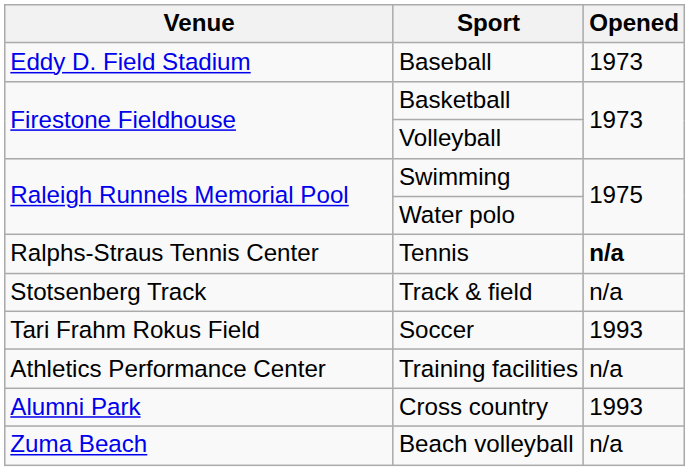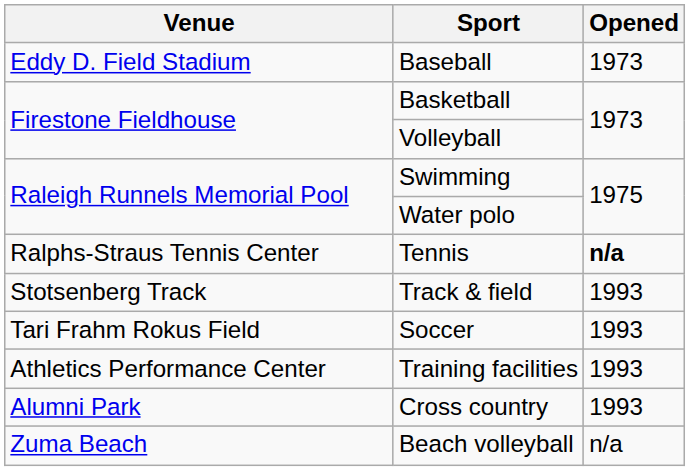 <table class="wikitable sortable"; style= "text-align: ">
 <tr>
 <th width=250px>Venue</th>
 <th width=px>Sport</th>
 <th width=px>Opened</th>
 </tr>
 <tr>
 <td><a href='#'>Eddy D. Field Stadium</a></td>
 <td>Baseball</td>
 <td>1973</td>
 </tr>
 <tr>
 <td rowspan=2><a href='#'>Firestone Fieldhouse</a></td>
 <td>Basketball</td>
 <td rowspan=2>1973</td>
 </tr>
 <tr>
 <td>Volleyball</td>
 </tr>
 <tr>
 <td rowspan=2><a href='#'>Raleigh Runnels Memorial Pool</a></td>
 <td>Swimming</td>
 <td rowspan=2>1975</td>
 </tr>
 <tr>
 <td>Water polo</td>
 </tr>
 <tr>
 <td>Ralphs-Straus Tennis Center</td>
 <td>Tennis</td>
 <td><strong>n/a</strong></td>
 </tr>
 <tr>
 <td>Stotsenberg Track</td>
 <td>Track & field</td>
-<td>n/a</td>
+<td>1993</td>
 </tr>
 <tr>
 <td>Tari Frahm Rokus Field</td>
 <td>Soccer</td>
 <td>1993</td>
 </tr>
 <tr>
 <td>Athletics Performance Center</td>
 <td>Training facilities</td>
-<td>n/a</td>
+<td>1993</td>
 </tr>
 <tr>
 <td><a href='#'>Alumni Park</a></td>
 <td>Cross country</td>
 <td>1993</td>
 </tr>
 <tr>
 <td><a href='#'>Zuma Beach</a></td>
 <td>Beach volleyball</td>
 <td>n/a</td>
 </tr>
 </table>
